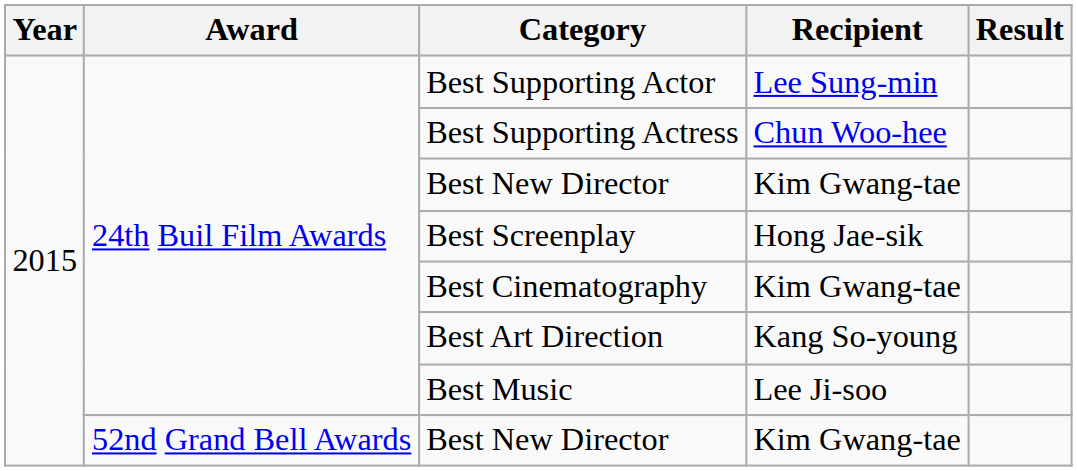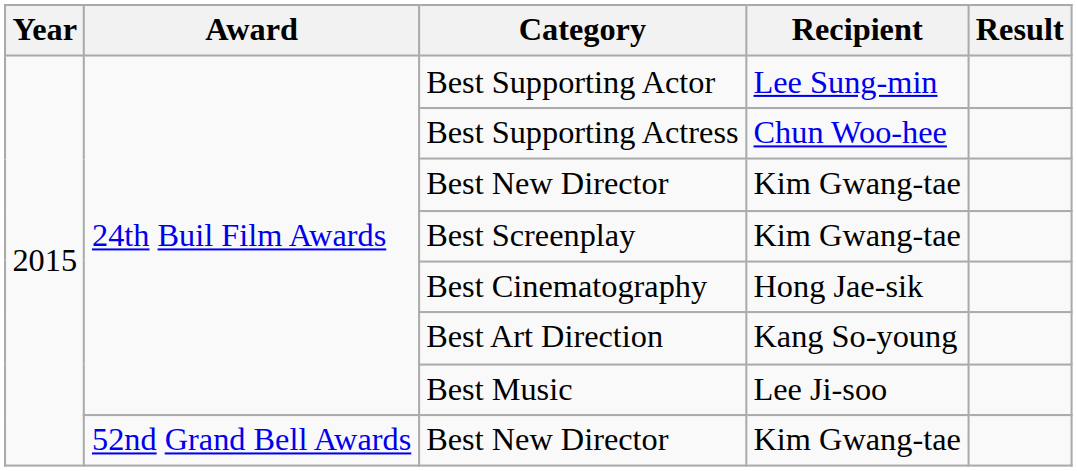 <table class="wikitable">
 <tr>
 <th>Year</th>
 <th>Award</th>
 <th>Category</th>
 <th>Recipient</th>
 <th>Result</th>
 </tr>
 <tr>
 <td rowspan=8>2015</td>
 <td rowspan=7><a href='#'>24th</a> <a href='#'>Buil Film Awards</a></td>
 <td>Best Supporting Actor</td>
 <td><a href='#'>Lee Sung-min</a></td>
 <td></td>
 </tr>
 <tr>
 <td>Best Supporting Actress</td>
 <td><a href='#'>Chun Woo-hee</a></td>
 <td></td>
 </tr>
 <tr>
 <td>Best New Director</td>
 <td>Kim Gwang-tae</td>
 <td></td>
 </tr>
 <tr>
 <td>Best Screenplay</td>
-<td>Hong Jae-sik</td>
+<td>Kim Gwang-tae</td>
 <td></td>
 </tr>
 <tr>
 <td>Best Cinematography</td>
-<td>Kim Gwang-tae</td>
+<td>Hong Jae-sik</td>
 <td></td>
 </tr>
 <tr>
 <td>Best Art Direction</td>
 <td>Kang So-young</td>
 <td></td>
 </tr>
 <tr>
 <td>Best Music</td>
 <td>Lee Ji-soo</td>
 <td></td>
 </tr>
 <tr>
 <td><a href='#'>52nd</a> <a href='#'>Grand Bell Awards</a></td>
 <td>Best New Director</td>
 <td>Kim Gwang-tae</td>
 <td></td>
 </tr>
 </table>
